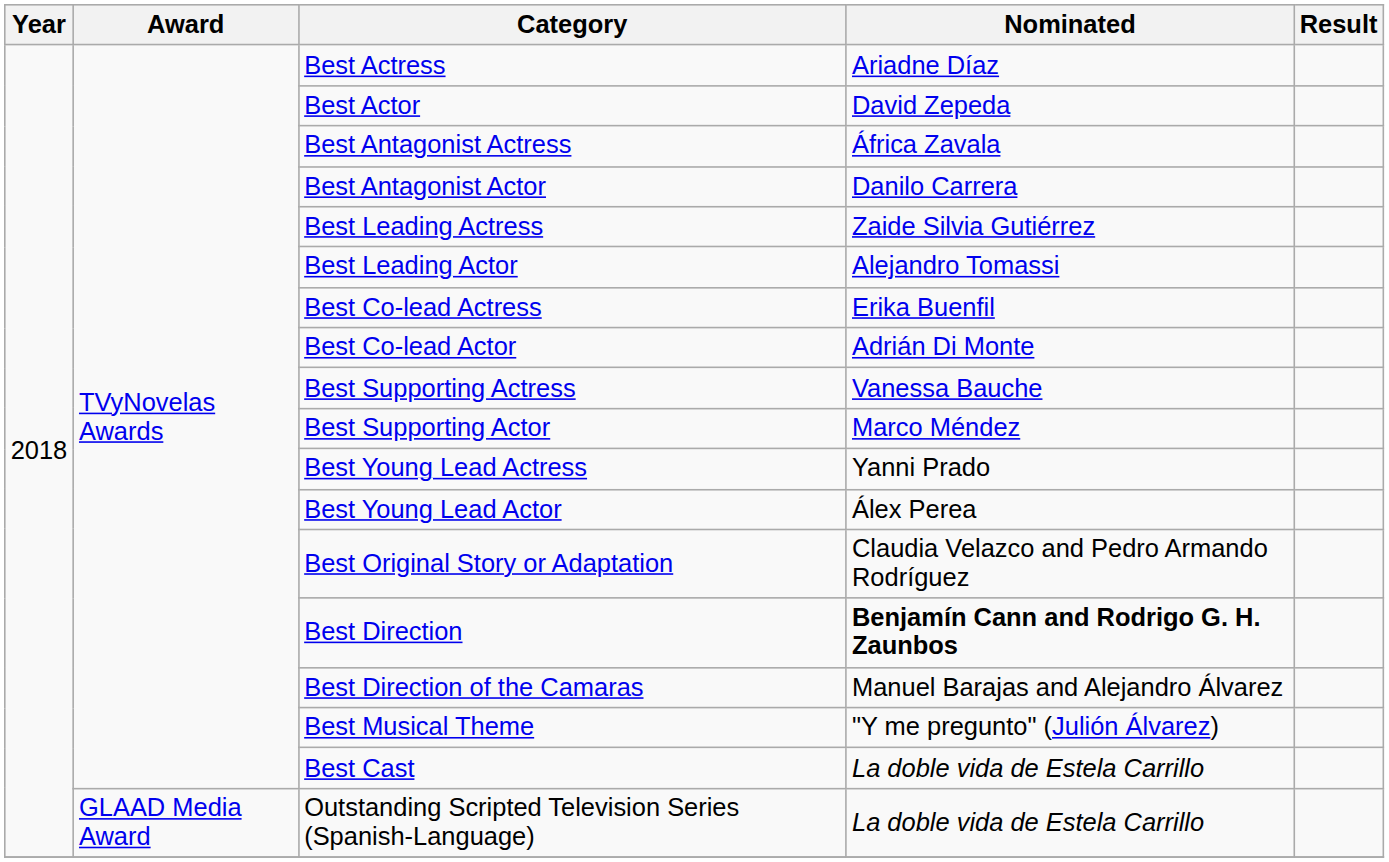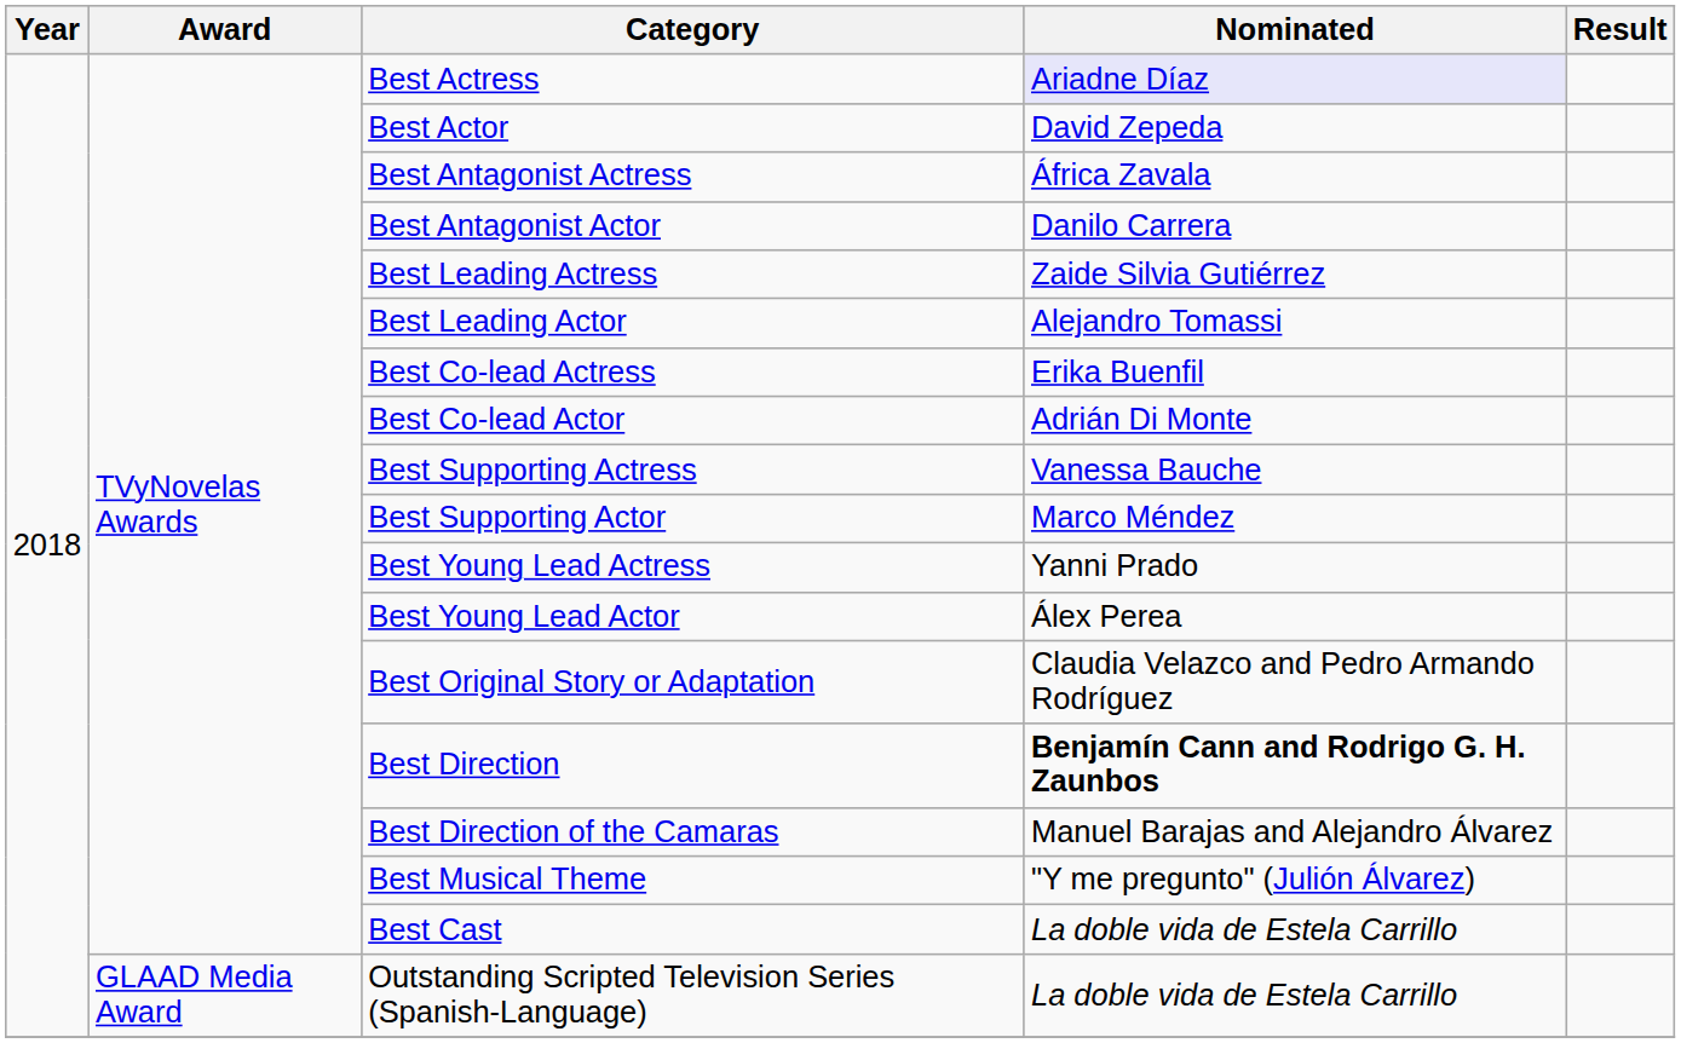 <table class="wikitable plainrowheaders">
 <tr>
 <th scope="col">Year</th>
 <th scope="col">Award</th>
 <th scope="col">Category</th>
 <th scope="col">Nominated</th>
 <th scope="col">Result</th>
 </tr>
 <tr>
 <td rowspan="18">2018</td>
 <td rowspan="17"><a href='#'>TVyNovelas Awards</a></td>
 <td><a href='#'>Best Actress</a></td>
-<td><a href='#'>Ariadne Díaz</a></td>
+<td style="background: lavender;"><a href='#'>Ariadne Díaz</a></td>
 <td></td>
 </tr>
 <tr>
 <td><a href='#'>Best Actor</a></td>
 <td><a href='#'>David Zepeda</a></td>
 <td></td>
 </tr>
 <tr>
 <td><a href='#'>Best Antagonist Actress</a></td>
 <td><a href='#'>África Zavala</a></td>
 <td></td>
 </tr>
 <tr>
 <td><a href='#'>Best Antagonist Actor</a></td>
 <td><a href='#'>Danilo Carrera</a></td>
 <td></td>
 </tr>
 <tr>
 <td><a href='#'>Best Leading Actress</a></td>
 <td><a href='#'>Zaide Silvia Gutiérrez</a></td>
 <td></td>
 </tr>
 <tr>
 <td><a href='#'>Best Leading Actor</a></td>
 <td><a href='#'>Alejandro Tomassi</a></td>
 <td></td>
 </tr>
 <tr>
 <td><a href='#'>Best Co-lead Actress</a></td>
 <td><a href='#'>Erika Buenfil</a></td>
 <td></td>
 </tr>
 <tr>
 <td><a href='#'>Best Co-lead Actor</a></td>
 <td><a href='#'>Adrián Di Monte</a></td>
 <td></td>
 </tr>
 <tr>
 <td><a href='#'>Best Supporting Actress</a></td>
 <td><a href='#'>Vanessa Bauche</a></td>
 <td></td>
 </tr>
 <tr>
 <td><a href='#'>Best Supporting Actor</a></td>
 <td><a href='#'>Marco Méndez</a></td>
 <td></td>
 </tr>
 <tr>
 <td><a href='#'>Best Young Lead Actress</a></td>
 <td>Yanni Prado</td>
 <td></td>
 </tr>
 <tr>
 <td><a href='#'>Best Young Lead Actor</a></td>
 <td>Álex Perea</td>
 <td></td>
 </tr>
 <tr>
 <td><a href='#'>Best Original Story or Adaptation</a></td>
 <td>Claudia Velazco and Pedro Armando Rodríguez</td>
 <td></td>
 </tr>
 <tr>
 <td><a href='#'>Best Direction</a></td>
 <td><strong>Benjamín Cann and Rodrigo G. H. Zaunbos</strong></td>
 <td></td>
 </tr>
 <tr>
 <td><a href='#'>Best Direction of the Camaras</a></td>
 <td>Manuel Barajas and Alejandro Álvarez</td>
 <td></td>
 </tr>
 <tr>
 <td><a href='#'>Best Musical Theme</a></td>
 <td>"Y me pregunto" (<a href='#'>Julión Álvarez</a>)</td>
 <td></td>
 </tr>
 <tr>
 <td><a href='#'>Best Cast</a></td>
 <td><em>La doble vida de Estela Carrillo</em></td>
 <td></td>
 </tr>
 <tr>
 <td><a href='#'>GLAAD Media Award</a></td>
 <td>Outstanding Scripted Television Series (Spanish-Language)</td>
 <td><em>La doble vida de Estela Carrillo</em></td>
 <td></td>
 </tr>
 <tr>
 </tr>
 </table>
